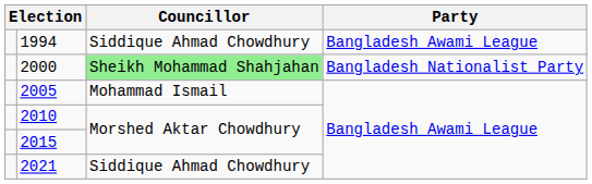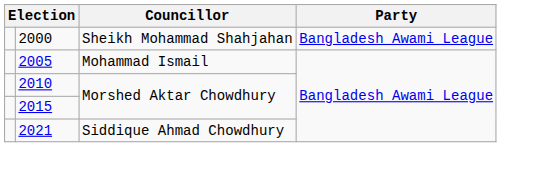 <table class="wikitable">
 <tr>
 <th colspan="2">Election</th>
 <th>Councillor</th>
 <th>Party</th>
 </tr>
 <tr>
 <td style="background-color:"></td>
-<td>1994</td>
-<td>Siddique Ahmad Chowdhury</td>
+<td>2000</td>
+<td>Sheikh Mohammad Shahjahan</td>
 <td><a href='#'>Bangladesh Awami League</a></td>
-</tr>
-<tr>
-<td style="background-color:"></td>
-<td>2000</td>
-<td style="background: lightgreen;">Sheikh Mohammad Shahjahan</td>
-<td><a href='#'>Bangladesh Nationalist Party</a></td>
 </tr>
 <tr>
 <td style="background-color:"></td>
 <td><a href='#'>2005</a></td>
 <td>Mohammad Ismail</td>
 <td rowspan="4"><a href='#'>Bangladesh Awami League</a></td>
 </tr>
 <tr>
 <td style="background-color:"></td>
 <td><a href='#'>2010</a></td>
 <td rowspan="2">Morshed Aktar Chowdhury</td>
 </tr>
 <tr>
 <td style="background-color:"></td>
 <td><a href='#'>2015</a></td>
 </tr>
 <tr>
 <td style="background-color:"></td>
 <td><a href='#'>2021</a></td>
 <td>Siddique Ahmad Chowdhury</td>
 </tr>
 </table>
